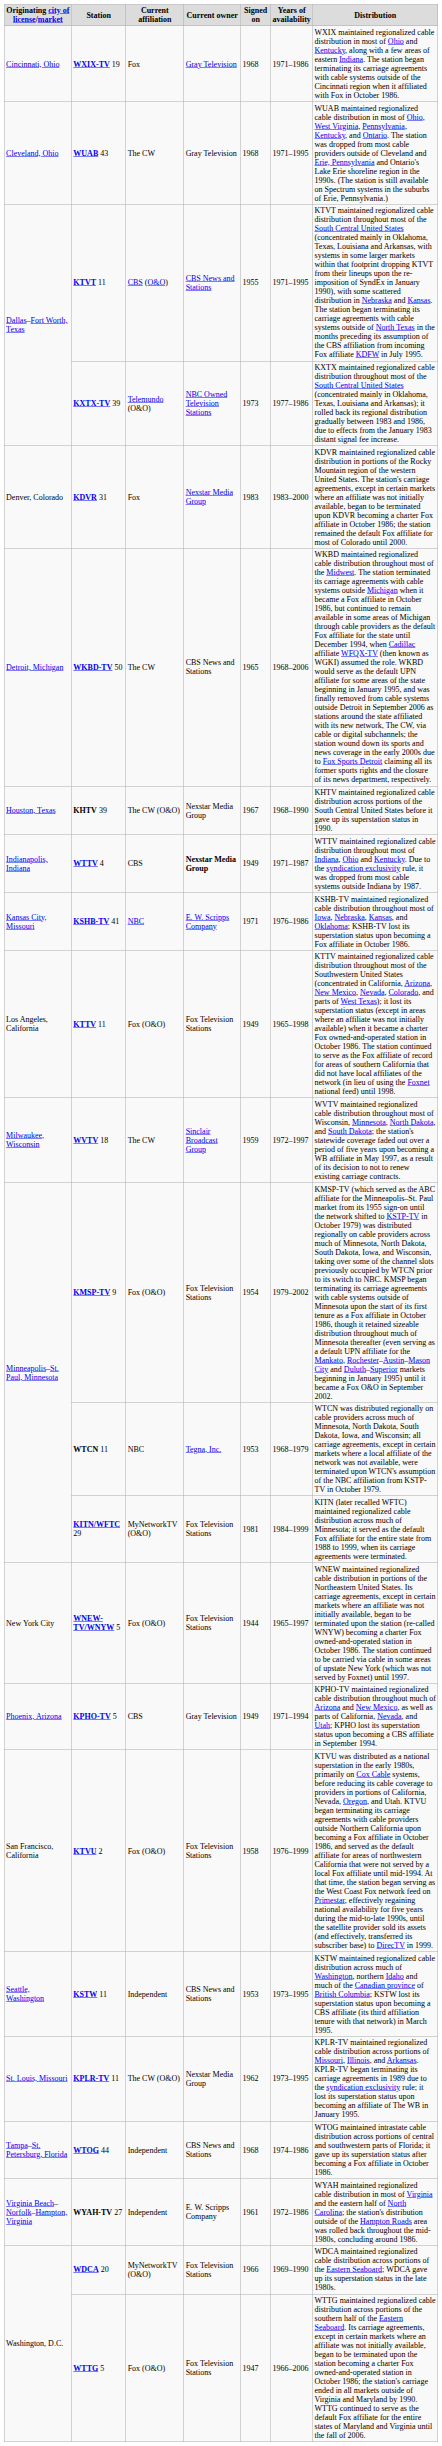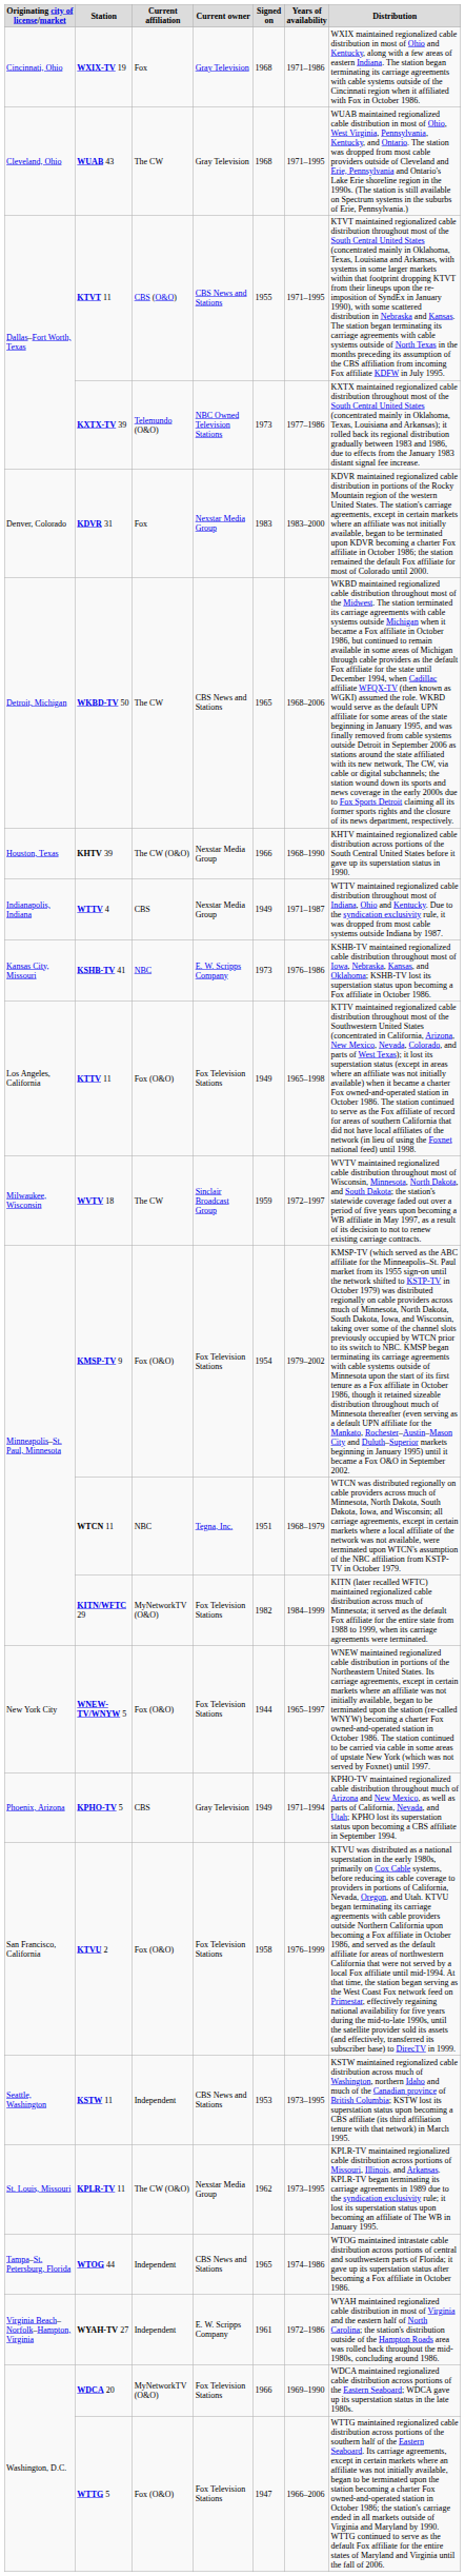 <table class="wikitable sortable" style="margin: 2em 1em 1em 0; background: #f9f9f9; border: 1px #aaa solid; border-collapse: collapse">
 <tr>
 <th scope="col" style=background:#DCDCDC; color:#FFFFFF; border: 2px solid #D33A5D width="175px">Originating <a href='#'>city of license</a>/<a href='#'>market</a></th>
 <th scope="col" style=background:#DCDCDC; color:#FFFFFF; border: 2px solid #D33A5D width="115px">Station</th>
 <th scope="col" style=background:#DCDCDC; color:#FFFFFF; border: 2px solid #D33A5D width="125px">Current affiliation</th>
 <th scope="col" style=background:#DCDCDC; color:#FFFFFF; border: 2px solid #D33A5D width="175px">Current owner</th>
 <th scope="col" style=background:#DCDCDC; color:#FFFFFF; border: 2px solid #D33A5D width="65px">Signed on</th>
 <th scope="col" style=background:#DCDCDC; color:#FFFFFF; border: 2px solid #D33A5D width="65px">Years of<br>availability</th>
 <th scope="col" style=background:#DCDCDC; color:#FFFFFF; border: 2px solid #D33A5D width="500px">Distribution</th>
 </tr>
 <tr>
 <td><a href='#'>Cincinnati, Ohio</a></td>
 <td><strong><a href='#'>WXIX-TV</a></strong> 19</td>
 <td>Fox</td>
 <td><a href='#'>Gray Television</a></td>
 <td>1968</td>
 <td>1971–1986</td>
 <td>WXIX maintained regionalized cable distribution in most of <a href='#'>Ohio</a> and <a href='#'>Kentucky</a>, along with a few areas of eastern <a href='#'>Indiana</a>. The station began terminating its carriage agreements with cable systems outside of the Cincinnati region when it affiliated with Fox in October 1986.</td>
 </tr>
 <tr>
 <td><a href='#'>Cleveland, Ohio</a></td>
 <td><strong><a href='#'>WUAB</a></strong> 43</td>
 <td>The CW</td>
 <td>Gray Television</td>
 <td>1968</td>
 <td>1971–1995</td>
 <td>WUAB maintained regionalized cable distribution in most of <a href='#'>Ohio</a>, <a href='#'>West Virginia</a>, <a href='#'>Pennsylvania</a>, <a href='#'>Kentucky</a>, and <a href='#'>Ontario</a>. The station was dropped from most cable providers outside of Cleveland and <a href='#'>Erie, Pennsylvania</a> and Ontario's Lake Erie shoreline region in the 1990s. (The station is still available on Spectrum systems in the suburbs of Erie, Pennsylvania.)</td>
 </tr>
 <tr>
 <td rowspan="2"><a href='#'>Dallas</a>–<a href='#'>Fort Worth, Texas</a></td>
 <td><strong><a href='#'>KTVT</a></strong> 11</td>
 <td><a href='#'>CBS</a> (<a href='#'>O&O</a>)</td>
 <td><a href='#'>CBS News and Stations</a><br></td>
 <td>1955</td>
 <td>1971–1995</td>
 <td>KTVT maintained regionalized cable distribution throughout most of the <a href='#'>South Central United States</a> (concentrated mainly in Oklahoma, Texas, Louisiana and Arkansas, with systems in some larger markets within that footprint dropping KTVT from their lineups upon the re-imposition of SyndEx in January 1990), with some scattered distribution in <a href='#'>Nebraska</a> and <a href='#'>Kansas</a>. The station began terminating its carriage agreements with cable systems outside of <a href='#'>North Texas</a> in the months preceding its assumption of the CBS affiliation from incoming Fox affiliate <a href='#'>KDFW</a> in July 1995.</td>
 </tr>
 <tr>
 <td><strong><a href='#'>KXTX-TV</a></strong> 39</td>
 <td><a href='#'>Telemundo</a> (O&O)</td>
 <td><a href='#'>NBC Owned Television Stations</a><br></td>
 <td>1973</td>
 <td>1977–1986</td>
 <td>KXTX maintained regionalized cable distribution throughout most of the <a href='#'>South Central United States</a> (concentrated mainly in Oklahoma, Texas, Louisiana and Arkansas); it rolled back its regional distribution gradually between 1983 and 1986, due to effects from the January 1983 distant signal fee increase.</td>
 </tr>
 <tr>
 <td>Denver, Colorado</td>
 <td><strong><a href='#'>KDVR</a></strong> 31</td>
 <td>Fox</td>
 <td><a href='#'>Nexstar Media Group</a></td>
 <td>1983</td>
 <td>1983–2000</td>
 <td>KDVR maintained regionalized cable distribution in portions of the Rocky Mountain region of the western United States. The station's carriage agreements, except in certain markets where an affiliate was not initially available, began to be terminated upon KDVR becoming a charter Fox affiliate in October 1986; the station remained the default Fox affiliate for most of Colorado until 2000.</td>
 </tr>
 <tr>
 <td><a href='#'>Detroit, Michigan</a></td>
 <td><strong><a href='#'>WKBD-TV</a></strong> 50</td>
 <td>The CW</td>
 <td>CBS News and Stations<br></td>
 <td>1965</td>
 <td>1968–2006</td>
 <td>WKBD maintained regionalized cable distribution throughout most of the <a href='#'>Midwest</a>. The station terminated its carriage agreements with cable systems outside <a href='#'>Michigan</a> when it became a Fox affiliate in October 1986, but continued to remain available in some areas of Michigan through cable providers as the default Fox affiliate for the state until December 1994, when <a href='#'>Cadillac</a> affiliate <a href='#'>WFQX-TV</a> (then known as WGKI) assumed the role. WKBD would serve as the default UPN affiliate for some areas of the state beginning in January 1995, and was finally removed from cable systems outside Detroit in September 2006 as stations around the state affiliated with its new network, The CW, via cable or digital subchannels; the station wound down its sports and news coverage in the early 2000s due to <a href='#'>Fox Sports Detroit</a> claiming all its former sports rights and the closure of its news department, respectively.</td>
 </tr>
 <tr>
 <td><a href='#'>Houston, Texas</a></td>
 <td><strong>KHTV</strong> 39<br></td>
 <td>The CW (O&O)</td>
 <td>Nexstar Media Group</td>
-<td>1967</td>
+<td>1966</td>
 <td>1968–1990</td>
 <td>KHTV maintained regionalized cable distribution across portions of the South Central United States before it gave up its superstation status in 1990.</td>
 </tr>
 <tr>
 <td><a href='#'>Indianapolis, Indiana</a></td>
 <td><strong><a href='#'>WTTV</a></strong> 4</td>
 <td>CBS</td>
-<td><strong>Nexstar Media Group</strong></td>
+<td>Nexstar Media Group</td>
 <td>1949</td>
 <td>1971–1987</td>
 <td>WTTV maintained regionalized cable distribution throughout most of <a href='#'>Indiana</a>, <a href='#'>Ohio</a> and <a href='#'>Kentucky</a>. Due to the <a href='#'>syndication exclusivity</a> rule, it was dropped from most cable systems outside Indiana by 1987.</td>
 </tr>
 <tr>
 <td><a href='#'>Kansas City, Missouri</a></td>
 <td><strong><a href='#'>KSHB-TV</a></strong> 41</td>
 <td><a href='#'>NBC</a></td>
 <td><a href='#'>E. W. Scripps Company</a></td>
-<td>1971</td>
+<td>1973</td>
 <td>1976–1986</td>
 <td>KSHB-TV maintained regionalized cable distribution throughout most of <a href='#'>Iowa</a>, <a href='#'>Nebraska</a>, <a href='#'>Kansas</a>, and <a href='#'>Oklahoma</a>; KSHB-TV lost its superstation status upon becoming a Fox affiliate in October 1986.</td>
 </tr>
 <tr>
 <td>Los Angeles, California</td>
 <td><strong><a href='#'>KTTV</a></strong> 11</td>
 <td>Fox (O&O)</td>
 <td>Fox Television Stations<br></td>
 <td>1949</td>
 <td>1965–1998</td>
 <td>KTTV maintained regionalized cable distribution throughout most of the Southwestern United States (concentrated in California, <a href='#'>Arizona</a>, <a href='#'>New Mexico</a>, <a href='#'>Nevada</a>, <a href='#'>Colorado</a>, and parts of <a href='#'>West Texas</a>); it lost its superstation status (except in areas where an affiliate was not initially available) when it became a charter Fox owned-and-operated station in October 1986. The station continued to serve as the Fox affiliate of record for areas of southern California that did not have local affiliates of the network (in lieu of using the <a href='#'>Foxnet</a> national feed) until 1998.</td>
 </tr>
 <tr>
 <td><a href='#'>Milwaukee, Wisconsin</a></td>
 <td><strong><a href='#'>WVTV</a></strong> 18</td>
 <td>The CW</td>
 <td><a href='#'>Sinclair Broadcast Group</a></td>
 <td>1959</td>
 <td>1972–1997</td>
 <td>WVTV maintained regionalized cable distribution throughout most of Wisconsin, <a href='#'>Minnesota</a>, <a href='#'>North Dakota</a>, and <a href='#'>South Dakota</a>; the station's statewide coverage faded out over a period of five years upon becoming a WB affiliate in May 1997, as a result of its decision to not to renew existing carriage contracts.</td>
 </tr>
 <tr>
 <td rowspan="3"><a href='#'>Minneapolis</a>–<a href='#'>St. Paul, Minnesota</a></td>
 <td><strong><a href='#'>KMSP-TV</a></strong> 9</td>
 <td>Fox (O&O)</td>
 <td>Fox Television Stations<br></td>
 <td>1954</td>
 <td>1979–2002</td>
 <td>KMSP-TV (which served as the ABC affiliate for the Minneapolis–St. Paul market from its 1955 sign-on until the network shifted to <a href='#'>KSTP-TV</a> in October 1979) was distributed regionally on cable providers across much of Minnesota, North Dakota, South Dakota, Iowa, and Wisconsin, taking over some of the channel slots previously occupied by WTCN prior to its switch to NBC. KMSP began terminating its carriage agreements with cable systems outside of Minnesota upon the start of its first tenure as a Fox affiliate in October 1986, though it retained sizeable distribution throughout much of Minnesota thereafter (even serving as a default UPN affiliate for the <a href='#'>Mankato</a>, <a href='#'>Rochester</a>–<a href='#'>Austin</a>–<a href='#'>Mason City</a> and <a href='#'>Duluth</a>–<a href='#'>Superior</a> markets beginning in January 1995) until it became a Fox O&O in September 2002.</td>
 </tr>
 <tr>
 <td><strong>WTCN</strong> 11<br></td>
 <td>NBC</td>
 <td><a href='#'>Tegna, Inc.</a></td>
-<td>1953</td>
+<td>1951</td>
 <td>1968–1979</td>
 <td>WTCN was distributed regionally on cable providers across much of Minnesota, North Dakota, South Dakota, Iowa, and Wisconsin; all carriage agreements, except in certain markets where a local affiliate of the network was not available, were terminated upon WTCN's assumption of the NBC affiliation from KSTP-TV in October 1979.</td>
 </tr>
 <tr>
 <td><strong><a href='#'>KITN/WFTC</a></strong> 29 </td>
 <td>MyNetworkTV (O&O)</td>
 <td>Fox Television Stations<br></td>
-<td>1981</td>
+<td>1982</td>
 <td>1984–1999</td>
 <td>KITN (later recalled WFTC) maintained regionalized cable distribution across much of Minnesota; it served as the default Fox affiliate for the entire state from 1988 to 1999, when its carriage agreements were terminated.</td>
 </tr>
 <tr>
 <td>New York City</td>
 <td><strong><a href='#'>WNEW-TV/WNYW</a></strong> 5</td>
 <td>Fox (O&O)</td>
 <td>Fox Television Stations<br></td>
 <td>1944</td>
 <td>1965–1997</td>
 <td>WNEW maintained regionalized cable distribution in portions of the Northeastern United States. Its carriage agreements, except in certain markets where an affiliate was not initially available, began to be terminated upon the station (re-called WNYW) becoming a charter Fox owned-and-operated station in October 1986. The station continued to be carried via cable in some areas of upstate New York (which was not served by Foxnet) until 1997.</td>
 </tr>
 <tr>
 <td><a href='#'>Phoenix, Arizona</a></td>
 <td><strong><a href='#'>KPHO-TV</a></strong> 5</td>
 <td>CBS</td>
 <td>Gray Television</td>
 <td>1949</td>
 <td>1971–1994</td>
 <td>KPHO-TV maintained regionalized cable distribution throughout much of <a href='#'>Arizona</a> and <a href='#'>New Mexico</a>, as well as parts of California, <a href='#'>Nevada</a>, and <a href='#'>Utah</a>; KPHO lost its superstation status upon becoming a CBS affiliate in September 1994.</td>
 </tr>
 <tr>
 <td>San Francisco, California</td>
 <td><strong><a href='#'>KTVU</a></strong> 2</td>
 <td>Fox (O&O)</td>
 <td>Fox Television Stations<br></td>
 <td>1958</td>
 <td>1976–1999</td>
 <td>KTVU was distributed as a national superstation in the early 1980s, primarily on <a href='#'>Cox Cable</a> systems, before reducing its cable coverage to providers in portions of California, Nevada, <a href='#'>Oregon</a>, and Utah. KTVU began terminating its carriage agreements with cable providers outside Northern California upon becoming a Fox affiliate in October 1986, and served as the default affiliate for areas of northwestern California that were not served by a local Fox affiliate until mid-1994. At that time, the station began serving as the West Coast Fox network feed on <a href='#'>Primestar</a>, effectively regaining national availability for five years during the mid-to-late 1990s, until the satellite provider sold its assets (and effectively, transferred its subscriber base) to <a href='#'>DirecTV</a> in 1999.</td>
 </tr>
 <tr>
 <td><a href='#'>Seattle, Washington</a></td>
 <td><strong><a href='#'>KSTW</a></strong> 11</td>
 <td>Independent</td>
 <td>CBS News and Stations<br></td>
 <td>1953</td>
 <td>1973–1995</td>
 <td>KSTW maintained regionalized cable distribution across much of <a href='#'>Washington</a>, northern <a href='#'>Idaho</a> and much of the <a href='#'>Canadian province</a> of <a href='#'>British Columbia</a>; KSTW lost its superstation status upon becoming a CBS affiliate (its third affiliation tenure with that network) in March 1995.</td>
 </tr>
 <tr>
 <td><a href='#'>St. Louis, Missouri</a></td>
 <td><strong><a href='#'>KPLR-TV</a></strong> 11</td>
 <td>The CW (O&O)</td>
 <td>Nexstar Media Group</td>
 <td>1962</td>
 <td>1973–1995</td>
 <td>KPLR-TV maintained regionalized cable distribution across portions of <a href='#'>Missouri</a>, <a href='#'>Illinois</a>, and <a href='#'>Arkansas</a>. KPLR-TV began terminating its carriage agreements in 1989 due to the <a href='#'>syndication exclusivity</a> rule; it lost its superstation status upon becoming an affiliate of The WB in January 1995.</td>
 </tr>
 <tr>
 <td><a href='#'>Tampa</a>–<a href='#'>St. Petersburg, Florida</a></td>
 <td><strong><a href='#'>WTOG</a></strong> 44</td>
 <td>Independent</td>
 <td>CBS News and Stations<br></td>
-<td>1968</td>
+<td>1965</td>
 <td>1974–1986</td>
 <td>WTOG maintained intrastate cable distribution across portions of central and southwestern parts of Florida; it gave up its superstation status after becoming a Fox affiliate in October 1986.</td>
 </tr>
 <tr>
 <td><a href='#'>Virginia Beach</a>–<br><a href='#'>Norfolk</a>–<a href='#'>Hampton, Virginia</a></td>
 <td><strong>WYAH-TV</strong> 27<br></td>
 <td>Independent</td>
 <td>E. W. Scripps Company</td>
 <td>1961</td>
 <td>1972–1986</td>
 <td>WYAH maintained regionalized cable distribution in most of <a href='#'>Virginia</a> and the eastern half of <a href='#'>North Carolina</a>; the station's distribution outside of the <a href='#'>Hampton Roads</a> area was rolled back throughout the mid-1980s, concluding around 1986.</td>
 </tr>
 <tr>
 <td rowspan="2">Washington, D.C.</td>
 <td><strong><a href='#'>WDCA</a></strong> 20</td>
 <td>MyNetworkTV (O&O)</td>
 <td>Fox Television Stations<br></td>
 <td>1966</td>
 <td>1969–1990</td>
 <td>WDCA maintained regionalized cable distribution across portions of the <a href='#'>Eastern Seaboard</a>; WDCA gave up its superstation status in the late 1980s.</td>
 </tr>
 <tr>
 <td><strong><a href='#'>WTTG</a></strong> 5</td>
 <td>Fox (O&O)</td>
 <td>Fox Television Stations<br></td>
 <td>1947</td>
 <td>1966–2006</td>
 <td>WTTG maintained regionalized cable distribution across portions of the southern half of the <a href='#'>Eastern Seaboard</a>. Its carriage agreements, except in certain markets where an affiliate was not initially available, began to be terminated upon the station becoming a charter Fox owned-and-operated station in October 1986; the station's carriage ended in all markets outside of Virginia and Maryland by 1990. WTTG continued to serve as the default Fox affiliate for the entire states of Maryland and Virginia until the fall of 2006.</td>
 </tr>
 </table>
